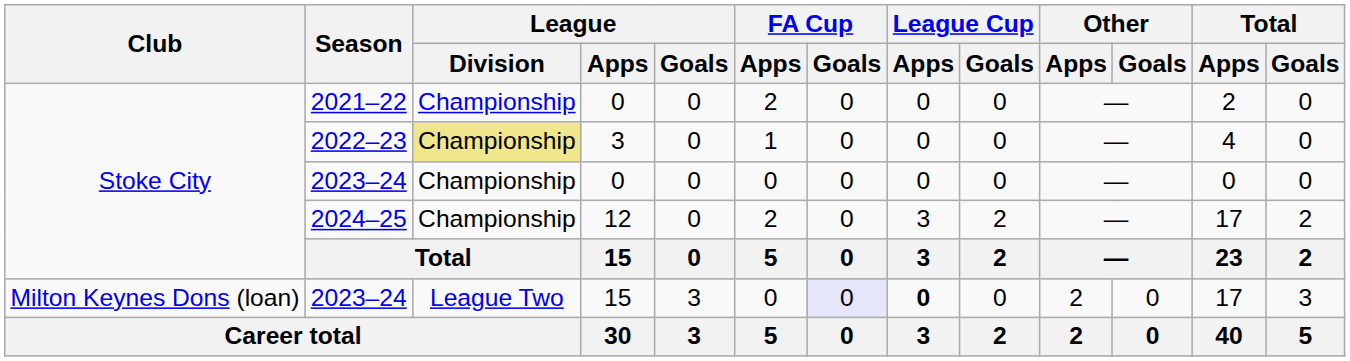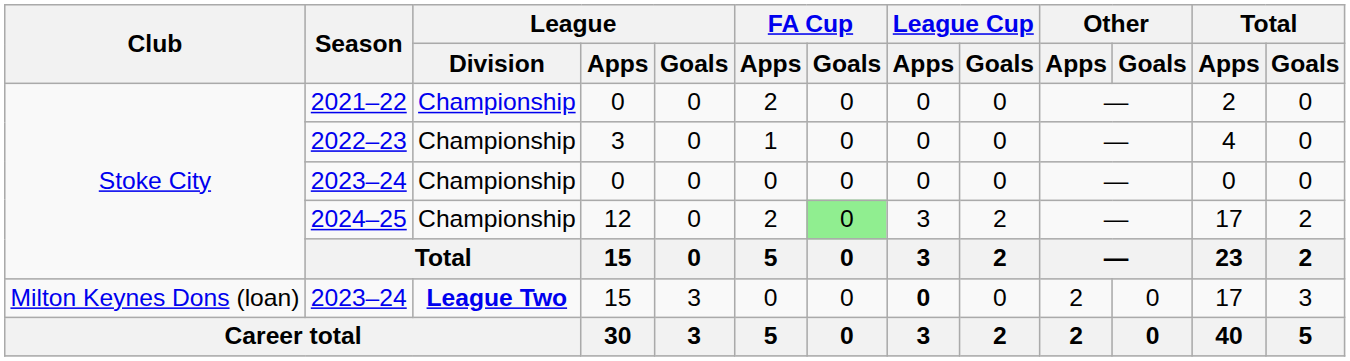 <table class="wikitable" style="text-align: center;">
 <tr>
 <th rowspan="2">Club</th>
 <th rowspan="2">Season</th>
 <th colspan="3">League</th>
 <th colspan="2"><a href='#'>FA Cup</a></th>
 <th colspan="2"><a href='#'>League Cup</a></th>
 <th colspan="2">Other</th>
 <th colspan="2">Total</th>
 </tr>
 <tr>
 <th>Division</th>
 <th>Apps</th>
 <th>Goals</th>
 <th>Apps</th>
 <th>Goals</th>
 <th>Apps</th>
 <th>Goals</th>
 <th>Apps</th>
 <th>Goals</th>
 <th>Apps</th>
 <th>Goals</th>
 </tr>
 <tr>
 <td rowspan=5><a href='#'>Stoke City</a></td>
 <td><a href='#'>2021–22</a></td>
 <td><a href='#'>Championship</a></td>
 <td>0</td>
 <td>0</td>
 <td>2</td>
 <td>0</td>
 <td>0</td>
 <td>0</td>
 <td colspan=2>—</td>
 <td>2</td>
 <td>0</td>
 </tr>
 <tr>
 <td><a href='#'>2022–23</a></td>
-<td style="background: khaki;">Championship</td>
+<td>Championship</td>
 <td>3</td>
 <td>0</td>
 <td>1</td>
 <td>0</td>
 <td>0</td>
 <td>0</td>
 <td colspan=2>—</td>
 <td>4</td>
 <td>0</td>
 </tr>
 <tr>
 <td><a href='#'>2023–24</a></td>
 <td>Championship</td>
 <td>0</td>
 <td>0</td>
 <td>0</td>
 <td>0</td>
 <td>0</td>
 <td>0</td>
 <td colspan=2>—</td>
 <td>0</td>
 <td>0</td>
 </tr>
 <tr>
 <td><a href='#'>2024–25</a></td>
 <td>Championship</td>
 <td>12</td>
 <td>0</td>
 <td>2</td>
-<td>0</td>
+<td style="background: lightgreen;">0</td>
 <td>3</td>
 <td>2</td>
 <td colspan=2>—</td>
 <td>17</td>
 <td>2</td>
 </tr>
 <tr>
 <th colspan=2>Total</th>
 <th>15</th>
 <th>0</th>
 <th>5</th>
 <th>0</th>
 <th>3</th>
 <th>2</th>
 <th colspan=2>—</th>
 <th>23</th>
 <th>2</th>
 </tr>
 <tr>
 <td><a href='#'>Milton Keynes Dons</a> (loan)</td>
 <td><a href='#'>2023–24</a></td>
-<td><a href='#'>League Two</a></td>
+<td><strong><a href='#'>League Two</a></strong></td>
 <td>15</td>
 <td>3</td>
 <td>0</td>
-<td style="background: lavender;">0</td>
+<td>0</td>
 <td><strong>0</strong></td>
 <td>0</td>
 <td>2</td>
 <td>0</td>
 <td>17</td>
 <td>3</td>
 </tr>
 <tr>
 <th colspan="3">Career total</th>
 <th>30</th>
 <th>3</th>
 <th>5</th>
 <th>0</th>
 <th>3</th>
 <th>2</th>
 <th>2</th>
 <th>0</th>
 <th>40</th>
 <th>5</th>
 </tr>
 </table>
